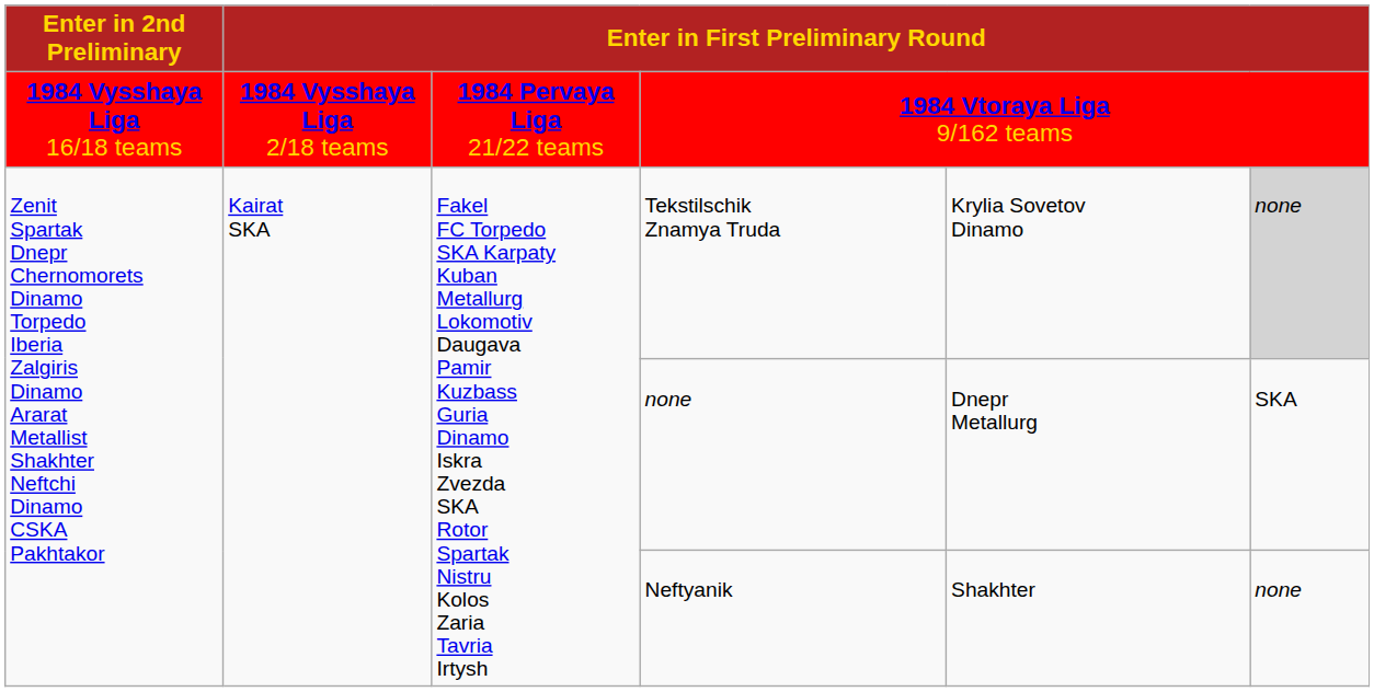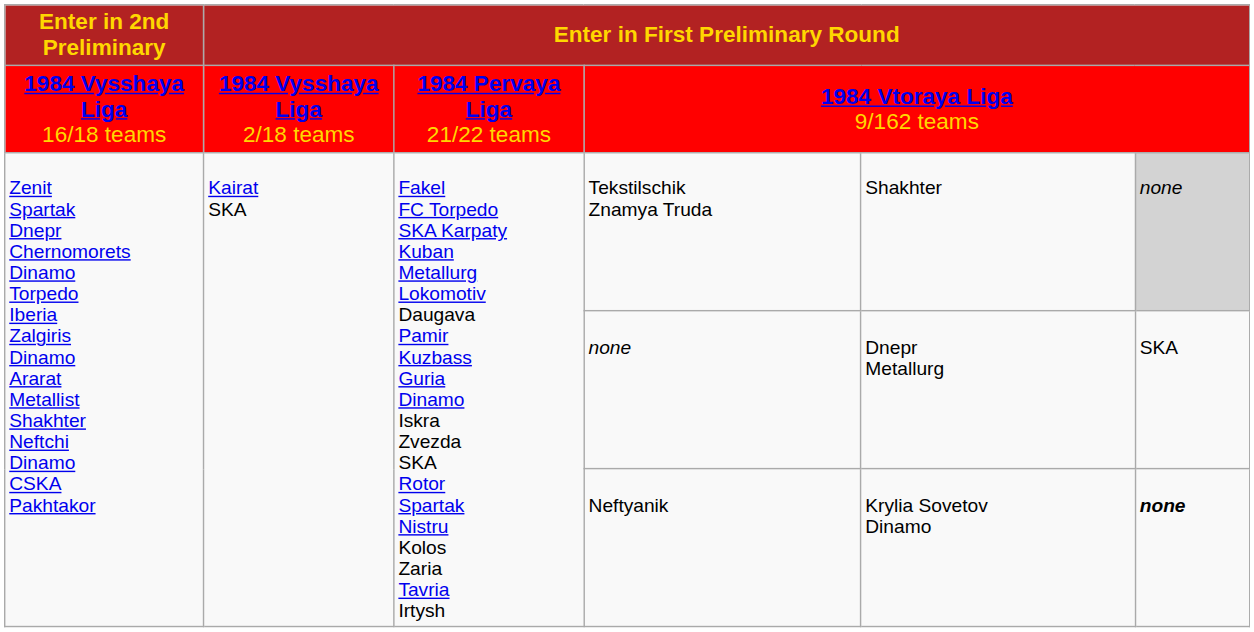 <table class="wikitable" style="width:100%;">
 <tr style="background:Firebrick; text-align:center;">
 <td style="width:10%; color:Gold" colspan="1"><strong>Enter in 2nd Preliminary</strong></td>
 <td style="width:90%; color:Gold" colspan="5"><strong>Enter in First Preliminary Round</strong></td>
 </tr>
 <tr style="background:Red;">
 <td style="text-align:center; width:10%; color:Gold"><strong><a href='#'><span>1984 Vysshaya Liga</span></a></strong><br>16/18 teams</td>
 <td style="text-align:center; width:10%; color:Gold"><strong><a href='#'><span>1984 Vysshaya Liga</span></a></strong><br>2/18 teams</td>
 <td style="text-align:center; width:10%; color:Gold"><strong><a href='#'><span>1984 Pervaya Liga</span></a></strong><br>21/22 teams</td>
 <td style="text-align:center; width:35%; color:Gold" colspan=3><strong><a href='#'><span>1984 Vtoraya Liga</span></a></strong><br>9/162 teams</td>
 </tr>
 <tr style="vertical-align:top; font-size:85%;">
 <td rowspan=3><br> <a href='#'>Zenit </a><br>  <a href='#'>Spartak </a><br>  <a href='#'>Dnepr </a><br>  <a href='#'>Chernomorets </a><br>  <a href='#'>Dinamo </a><br>  <a href='#'>Torpedo </a><br>  <a href='#'>Iberia </a><br>  <a href='#'>Zalgiris </a><br>  <a href='#'>Dinamo </a><br>  <a href='#'>Ararat </a><br>  <a href='#'>Metallist </a><br>  <a href='#'>Shakhter </a><br>  <a href='#'>Neftchi </a><br>  <a href='#'>Dinamo </a><br>  <a href='#'>CSKA </a><br>  <a href='#'>Pakhtakor </a></td>
 <td rowspan=3><br> <a href='#'>Kairat </a><br>  SKA </td>
 <td rowspan=3><br> <a href='#'>Fakel </a><br>  <a href='#'>FC Torpedo </a><br>  <a href='#'>SKA Karpaty </a><br>  <a href='#'>Kuban </a><br>  <a href='#'>Metallurg </a><br>  <a href='#'>Lokomotiv </a><br>  Daugava <br>  <a href='#'>Pamir </a><br>  <a href='#'>Kuzbass </a><br>  <a href='#'>Guria </a><br>  <a href='#'>Dinamo </a><br>  Iskra <br>  Zvezda <br>  SKA <br>  <a href='#'>Rotor </a><br>  <a href='#'>Spartak </a><br>  <a href='#'>Nistru </a><br>  Kolos <br>  Zaria <br>  <a href='#'>Tavria </a><br>  Irtysh </td>
 <td><br> Tekstilschik <br>  Znamya Truda <br></td>
-<td><br> Krylia Sovetov <br>  Dinamo <br></td>
+<td><br> Shakhter <br></td>
 <td style="background: lightgrey;"><br><em>none</em></td>
 </tr>
 <tr style="vertical-align:top; font-size:85%;">
 <td><br><em>none</em></td>
 <td><br> Dnepr <br>  Metallurg <br></td>
 <td><br> SKA <br></td>
 </tr>
 <tr style="vertical-align:top; font-size:85%;">
 <td><br> Neftyanik <br></td>
-<td><br> Shakhter <br></td>
-<td><br><em>none</em></td>
+<td><br> Krylia Sovetov <br>  Dinamo <br></td>
+<td><strong><br><em>none</em></strong></td>
 </tr>
 </table>
